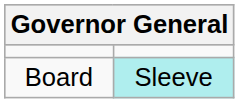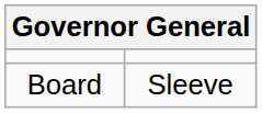 <table class="wikitable" style="border:thin solid darkgray; padding:0.2em;">
 <tr style="background:#ddd;">
 <th colspan="2">Governor General</th>
 </tr>
 <tr align="center">
 <td></td>
 <td></td>
 </tr>
 <tr align="center">
 <td>Board</td>
-<td style="background: paleturquoise;">Sleeve</td>
+<td>Sleeve</td>
 </tr>
 </table>
